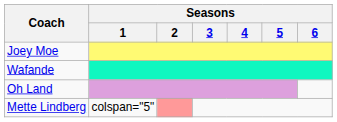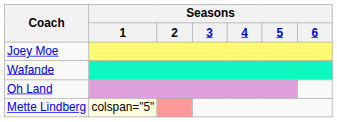 <table class="wikitable">
 <tr>
 <th rowspan="2">Coach</th>
 <th colspan="10">Seasons</th>
 </tr>
 <tr>
 <th width="40">1</th>
 <th width="40">2</th>
 <th width="40"><a href='#'>3</a></th>
 <th width="40"><a href='#'>4</a></th>
 <th width="40"><a href='#'>5</a></th>
 <th width="40"><a href='#'>6</a></th>
 </tr>
 <tr>
 <td><a href='#'>Joey Moe</a></td>
 <td colspan="6" style="background:#fffa73"></td>
 </tr>
 <tr>
 <td><a href='#'>Wafande</a></td>
 <td colspan="6" style="background:#0ff7c0"></td>
 </tr>
 <tr>
 <td><a href='#'>Oh Land</a></td>
 <td colspan="5" style="background:#dda0dd"></td>
 <td></td>
 </tr>
 <tr>
 <td><a href='#'>Mette Lindberg</a></td>
-<td>colspan="5" </td>
+<td style="background: lightyellow;">colspan="5" </td>
 <td style="background:#ff9999"></td>
 </tr>
 </table>
